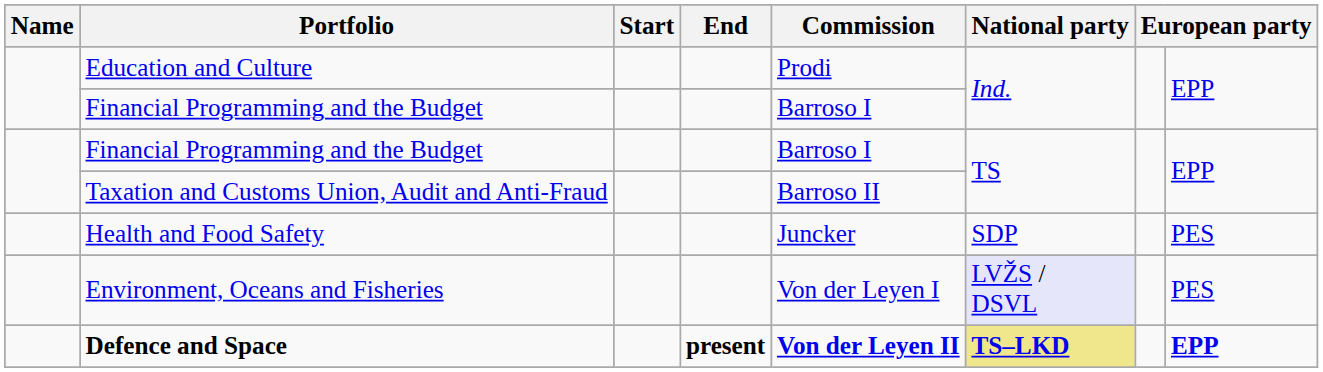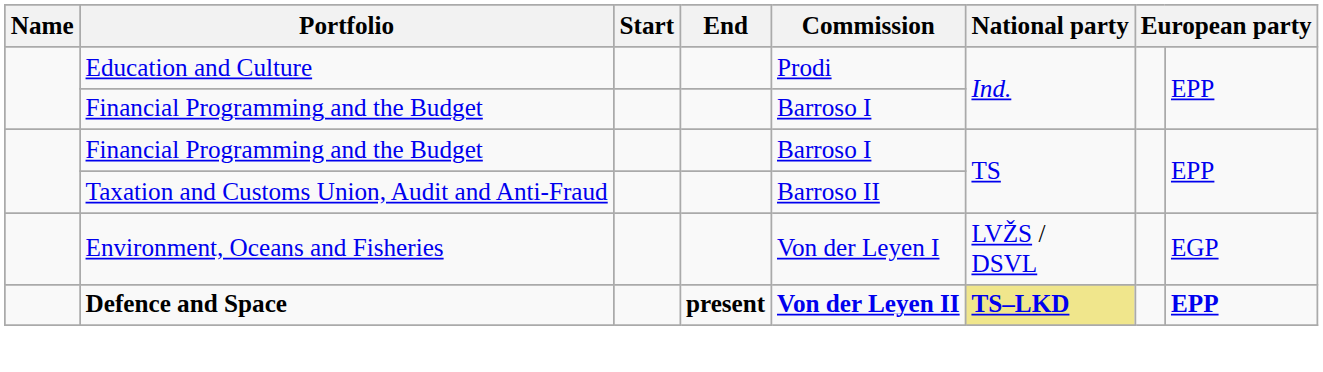 <table class="wikitable sortable" style="font-size: 90%;">
 <tr>
 <th>Name</th>
 <th>Portfolio</th>
 <th>Start</th>
 <th>End</th>
 <th>Commission</th>
 <th>National party</th>
 <th colspan=2>European party</th>
 </tr>
 <tr>
 <td rowspan=2></td>
 <td><a href='#'>Education and Culture</a></td>
 <td></td>
 <td></td>
 <td><a href='#'>Prodi</a></td>
 <td rowspan=2><em><a href='#'>Ind.</a></em></td>
 <td rowspan=2 style="background:"></td>
 <td rowspan=2><a href='#'>EPP</a></td>
 </tr>
 <tr>
 <td><a href='#'>Financial Programming and the Budget</a></td>
 <td></td>
 <td></td>
 <td><a href='#'>Barroso I</a></td>
 </tr>
 <tr>
 <td rowspan=2></td>
 <td><a href='#'>Financial Programming and the Budget</a></td>
 <td></td>
 <td></td>
 <td><a href='#'>Barroso I</a></td>
 <td rowspan=2><a href='#'>TS</a></td>
 <td rowspan=2 style="background:"></td>
 <td rowspan=2><a href='#'>EPP</a></td>
 </tr>
 <tr>
 <td><a href='#'>Taxation and Customs Union, Audit and Anti-Fraud</a></td>
 <td></td>
 <td></td>
 <td><a href='#'>Barroso II</a></td>
 </tr>
 <tr>
 <td></td>
-<td><a href='#'>Health and Food Safety</a></td>
-<td></td>
-<td></td>
-<td><a href='#'>Juncker</a></td>
-<td><a href='#'>SDP</a></td>
-<td style="background:"></td>
-<td><a href='#'>PES</a></td>
-</tr>
-<tr>
-<td></td>
 <td><a href='#'>Environment, Oceans and Fisheries</a></td>
 <td></td>
 <td></td>
 <td><a href='#'>Von der Leyen I</a></td>
-<td style="background: lavender;"><a href='#'>LVŽS</a> /<br><a href='#'>DSVL</a></td>
+<td><a href='#'>LVŽS</a> /<br><a href='#'>DSVL</a></td>
 <td style="background:"></td>
-<td><a href='#'>PES</a></td>
+<td><a href='#'>EGP</a></td>
 </tr>
 <tr>
 <td><strong></strong></td>
 <td><strong>Defence and Space</strong></td>
 <td><strong></strong></td>
 <td><strong>present</strong></td>
 <td><strong><a href='#'>Von der Leyen II</a></strong></td>
 <td style="background: khaki;"><strong><a href='#'>TS–LKD</a></strong></td>
 <td style="background:"></td>
 <td><strong><a href='#'>EPP</a></strong></td>
 </tr>
 </table>
